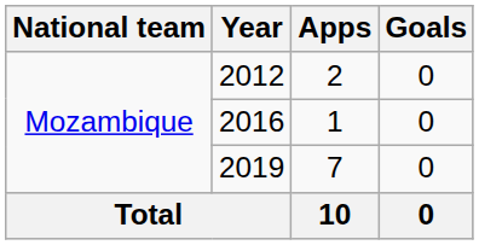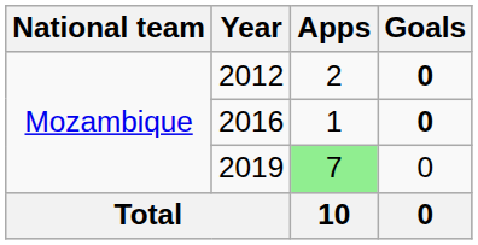 <table class="wikitable" style="text-align:center">
 <tr>
 <th>National team</th>
 <th>Year</th>
 <th>Apps</th>
 <th>Goals</th>
 </tr>
 <tr>
 <td rowspan="3"><a href='#'>Mozambique</a></td>
 <td>2012</td>
 <td>2</td>
-<td>0</td>
+<td><strong>0</strong></td>
 </tr>
 <tr>
 <td>2016</td>
 <td>1</td>
-<td>0</td>
+<td><strong>0</strong></td>
 </tr>
 <tr>
 <td>2019</td>
-<td>7</td>
+<td style="background: lightgreen;">7</td>
 <td>0</td>
 </tr>
 <tr>
 <th colspan=2>Total</th>
 <th>10</th>
 <th>0</th>
 </tr>
 </table>
